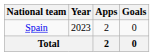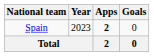 <table class="wikitable" style="text-align:center">
 <tr>
 <th>National team</th>
 <th>Year</th>
 <th>Apps</th>
 <th>Goals</th>
 </tr>
 <tr>
 <td><a href='#'>Spain</a></td>
 <td>2023</td>
-<td>2</td>
+<td><strong>2</strong></td>
 <td>0</td>
 </tr>
 <tr>
 <th colspan="2">Total</th>
 <th>2</th>
 <th>0</th>
 </tr>
 </table>
